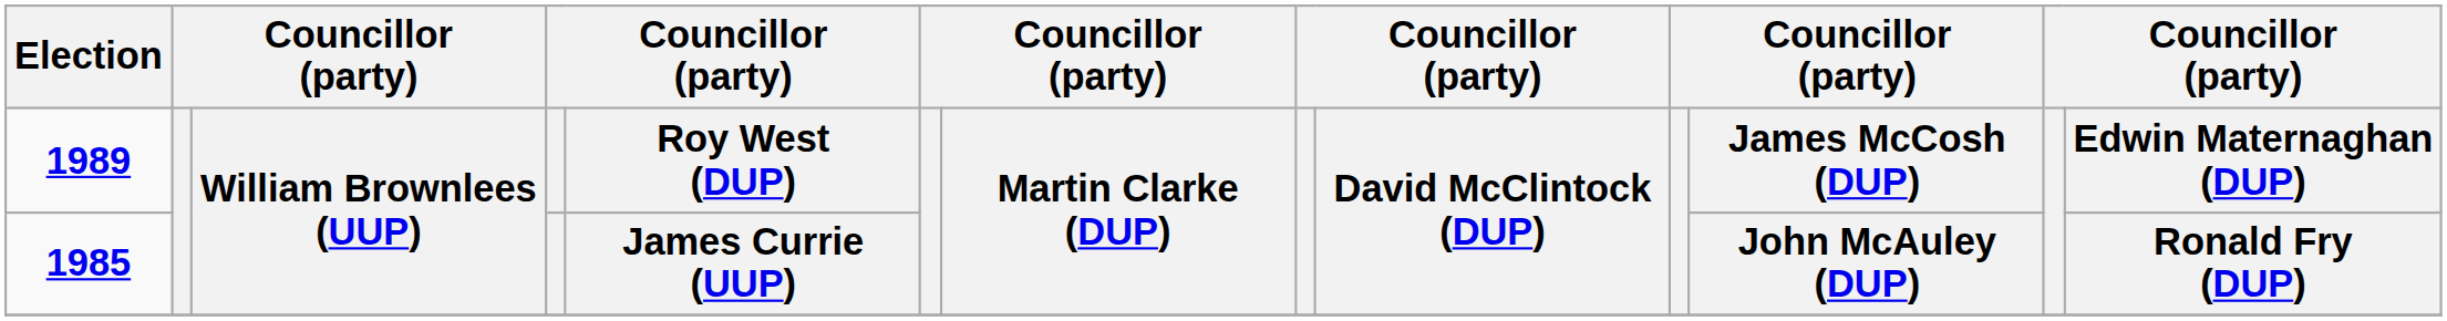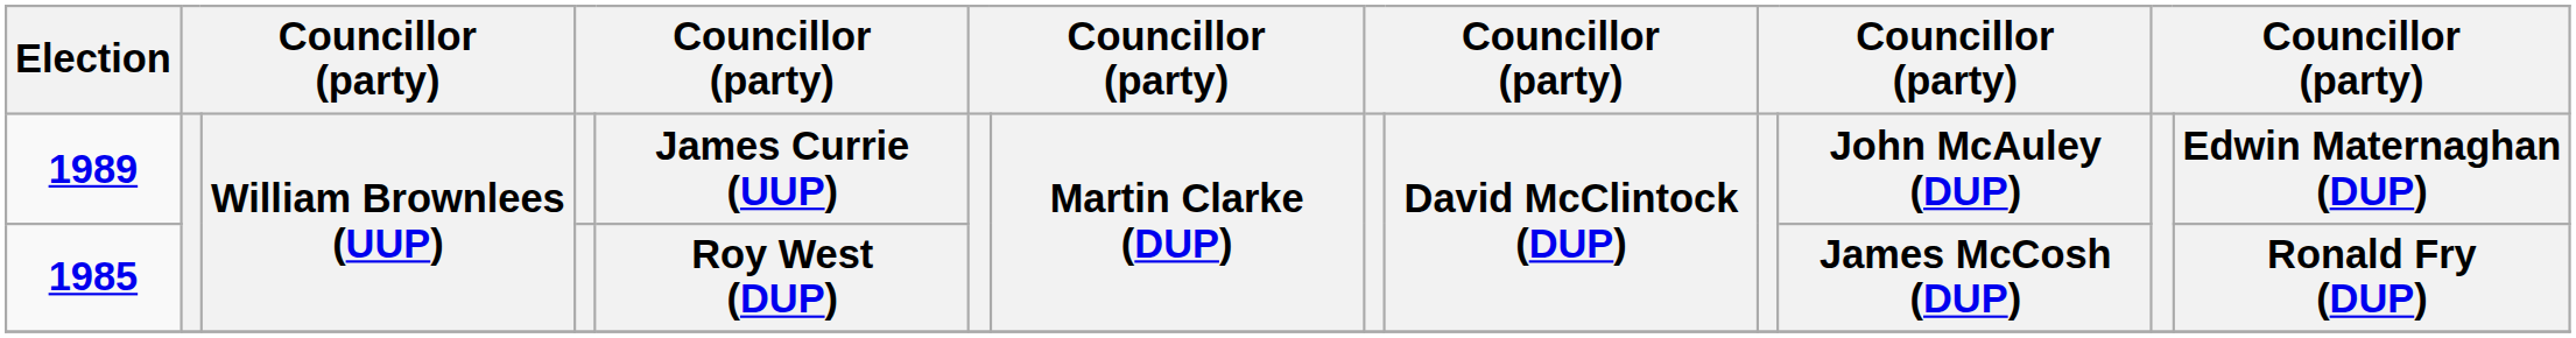 <table class="wikitable" style="text-align:center">
 <tr>
 <th scope="col" width="50">Election</th>
 <th scope="col" width="150" colspan = "2">Councillor<br> (party)</th>
 <th scope="col" width="150" colspan = "2">Councillor<br> (party)</th>
 <th scope="col" width="150" colspan = "2">Councillor<br> (party)</th>
 <th scope="col" width="150" colspan = "2">Councillor<br> (party)</th>
 <th scope="col" width="150" colspan = "2">Councillor<br> (party)</th>
 <th scope="col" width="150" colspan = "2">Councillor<br> (party)</th>
 </tr>
 <tr>
 <td><strong><a href='#'>1989</a></strong></td>
 <th rowspan="2" width="1" style="background-color: "></th>
 <th rowspan = "2">William Brownlees <br> (<a href='#'>UUP</a>)</th>
 <th rowspan="1" width="1" style="background-color: "></th>
-<th rowspan = "1">Roy West <br> (<a href='#'>DUP</a>)</th>
+<th rowspan = "1">James Currie <br> (<a href='#'>UUP</a>)</th>
 <th rowspan="2" width="1" style="background-color: "></th>
 <th rowspan = "2">Martin Clarke <br> (<a href='#'>DUP</a>)</th>
 <th rowspan="2" width="1" style="background-color: "></th>
 <th rowspan = "2">David McClintock <br> (<a href='#'>DUP</a>)</th>
 <th rowspan="2" width="1" style="background-color: "></th>
-<th rowspan = "1">James McCosh <br> (<a href='#'>DUP</a>)</th>
+<th rowspan = "1">John McAuley <br> (<a href='#'>DUP</a>)</th>
 <th rowspan="2" width="1" style="background-color: "></th>
 <th rowspan = "1">Edwin Maternaghan <br> (<a href='#'>DUP</a>)</th>
 </tr>
 <tr>
 <td><strong><a href='#'>1985</a></strong></td>
 <th rowspan="1" width="1" style="background-color: "></th>
-<th rowspan = "1">James Currie <br> (<a href='#'>UUP</a>)</th>
-<th rowspan = "1">John McAuley <br> (<a href='#'>DUP</a>)</th>
+<th rowspan = "1">Roy West <br> (<a href='#'>DUP</a>)</th>
+<th rowspan = "1">James McCosh <br> (<a href='#'>DUP</a>)</th>
 <th rowspan = "1">Ronald Fry <br> (<a href='#'>DUP</a>)</th>
 </tr>
 <tr>
 </tr>
 </table>
